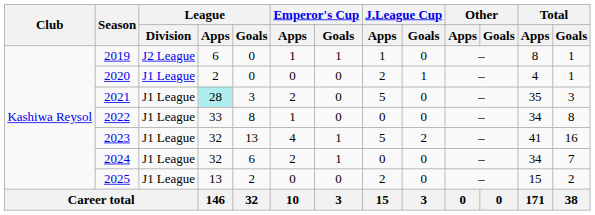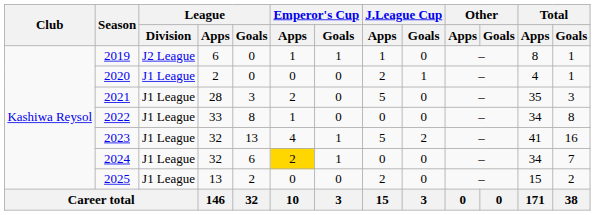 <table class="wikitable" style="text-align: center">
 <tr>
 <th rowspan="2">Club</th>
 <th rowspan="2">Season</th>
 <th colspan="3">League</th>
 <th colspan="2"><a href='#'>Emperor's Cup</a></th>
 <th colspan="2"><a href='#'>J.League Cup</a></th>
 <th colspan="2">Other</th>
 <th colspan="2">Total</th>
 </tr>
 <tr>
 <th>Division</th>
 <th>Apps</th>
 <th>Goals</th>
 <th>Apps</th>
 <th>Goals</th>
 <th>Apps</th>
 <th>Goals</th>
 <th>Apps</th>
 <th>Goals</th>
 <th>Apps</th>
 <th>Goals</th>
 </tr>
 <tr>
 <td rowspan="7"><a href='#'>Kashiwa Reysol</a></td>
 <td><a href='#'>2019</a></td>
 <td><a href='#'>J2 League</a></td>
 <td>6</td>
 <td>0</td>
 <td>1</td>
 <td>1</td>
 <td>1</td>
 <td>0</td>
 <td colspan="2">–</td>
 <td>8</td>
 <td>1</td>
 </tr>
 <tr>
 <td><a href='#'>2020</a></td>
 <td><a href='#'>J1 League</a></td>
 <td>2</td>
 <td>0</td>
 <td>0</td>
 <td>0</td>
 <td>2</td>
 <td>1</td>
 <td colspan="2">–</td>
 <td>4</td>
 <td>1</td>
 </tr>
 <tr>
 <td><a href='#'>2021</a></td>
 <td>J1 League</td>
-<td style="background: paleturquoise;">28</td>
+<td>28</td>
 <td>3</td>
 <td>2</td>
 <td>0</td>
 <td>5</td>
 <td>0</td>
 <td colspan="2">–</td>
 <td>35</td>
 <td>3</td>
 </tr>
 <tr>
 <td><a href='#'>2022</a></td>
 <td>J1 League</td>
 <td>33</td>
 <td>8</td>
 <td>1</td>
 <td>0</td>
 <td>0</td>
 <td>0</td>
 <td colspan="2">–</td>
 <td>34</td>
 <td>8</td>
 </tr>
 <tr>
 <td><a href='#'>2023</a></td>
 <td>J1 League</td>
 <td>32</td>
 <td>13</td>
 <td>4</td>
 <td>1</td>
 <td>5</td>
 <td>2</td>
 <td colspan="2">–</td>
 <td>41</td>
 <td>16</td>
 </tr>
 <tr>
 <td><a href='#'>2024</a></td>
 <td>J1 League</td>
 <td>32</td>
 <td>6</td>
-<td>2</td>
+<td style="background: gold;">2</td>
 <td>1</td>
 <td>0</td>
 <td>0</td>
 <td colspan="2">–</td>
 <td>34</td>
 <td>7</td>
 </tr>
 <tr>
 <td><a href='#'>2025</a></td>
 <td>J1 League</td>
 <td>13</td>
 <td>2</td>
 <td>0</td>
 <td>0</td>
 <td>2</td>
 <td>0</td>
 <td colspan="2">–</td>
 <td>15</td>
 <td>2</td>
 </tr>
 <tr>
 <th colspan="3">Career total</th>
 <th>146</th>
 <th>32</th>
 <th>10</th>
 <th>3</th>
 <th>15</th>
 <th>3</th>
 <th>0</th>
 <th>0</th>
 <th>171</th>
 <th>38</th>
 </tr>
 </table>
